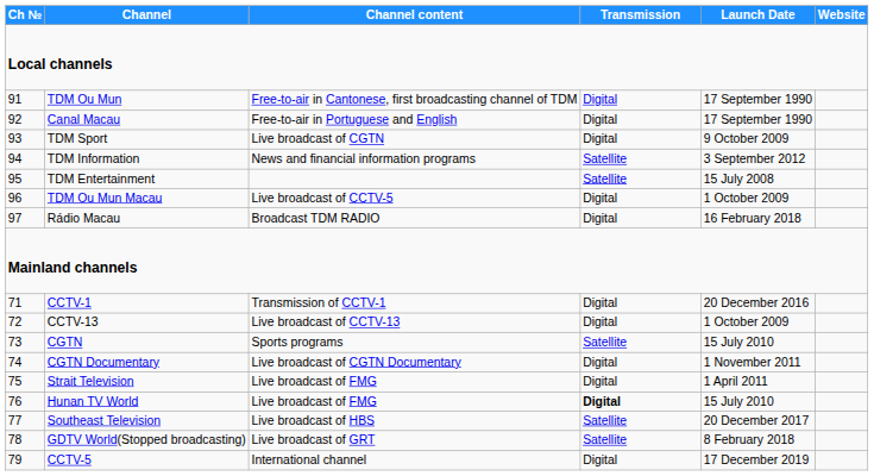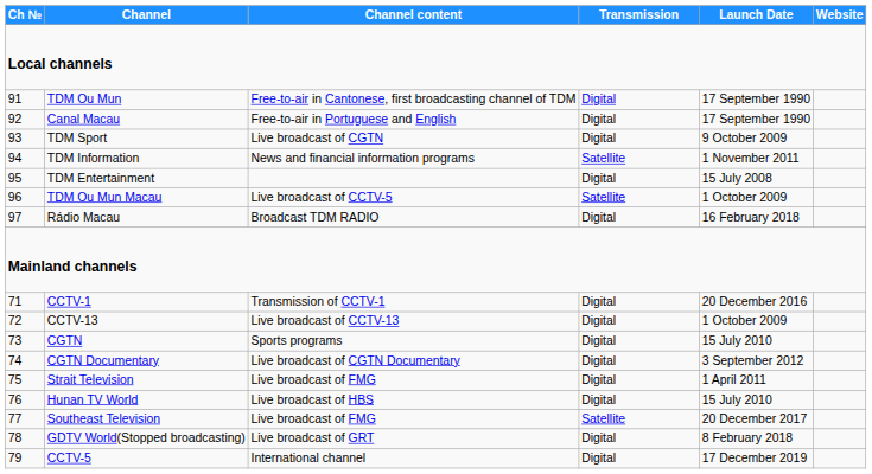 <table class="wikitable">
 <tr style="background:dodgerblue; color:white" align="center">
 <td><strong>Ch №</strong></td>
 <td><strong>Channel</strong></td>
 <td><strong>Channel content</strong></td>
 <td width="14%"><strong>Transmission</strong></td>
 <td><strong>Launch Date</strong></td>
 <td><strong>Website</strong></td>
 </tr>
 <tr>
 <td colspan="6"><br><h3>Local channels</h3></td>
 </tr>
 <tr>
 <td>91</td>
 <td><a href='#'>TDM Ou Mun</a></td>
 <td><a href='#'>Free-to-air</a> in <a href='#'>Cantonese</a>, first broadcasting channel of TDM</td>
 <td><a href='#'>Digital</a></td>
 <td>17 September 1990</td>
 <td></td>
 </tr>
 <tr>
 <td>92</td>
 <td><a href='#'>Canal Macau</a></td>
 <td>Free-to-air in <a href='#'>Portuguese</a> and <a href='#'>English</a></td>
 <td>Digital</td>
 <td>17 September 1990</td>
 <td></td>
 </tr>
 <tr>
 <td>93</td>
 <td>TDM Sport</td>
 <td>Live broadcast of <a href='#'>CGTN</a></td>
 <td>Digital</td>
 <td>9 October 2009</td>
 <td></td>
 </tr>
 <tr>
 <td>94</td>
 <td>TDM Information</td>
 <td>News and financial information programs</td>
 <td><a href='#'>Satellite</a></td>
-<td>3 September 2012</td>
+<td>1 November 2011</td>
 <td></td>
 </tr>
 <tr>
 <td>95</td>
 <td>TDM Entertainment</td>
 <td></td>
-<td><a href='#'>Satellite</a></td>
+<td>Digital</td>
 <td>15 July 2008</td>
 <td></td>
 </tr>
 <tr>
 <td>96</td>
 <td><a href='#'>TDM Ou Mun Macau</a></td>
 <td>Live broadcast of <a href='#'>CCTV-5</a></td>
-<td>Digital</td>
+<td><a href='#'>Satellite</a></td>
 <td>1 October 2009</td>
 <td></td>
 </tr>
 <tr>
 <td>97</td>
 <td>Rádio Macau</td>
 <td>Broadcast TDM RADIO</td>
 <td>Digital</td>
 <td>16 February 2018</td>
 <td></td>
 </tr>
 <tr>
 <td colspan="6"><br><h3>Mainland channels</h3></td>
 </tr>
 <tr>
 <td>71</td>
 <td><a href='#'>CCTV-1</a></td>
 <td>Transmission of <a href='#'>CCTV-1</a></td>
 <td>Digital</td>
 <td>20 December 2016</td>
 <td></td>
 </tr>
 <tr>
 <td>72</td>
 <td>CCTV-13</td>
 <td>Live broadcast of <a href='#'>CCTV-13</a></td>
 <td>Digital</td>
 <td>1 October 2009</td>
 <td></td>
 </tr>
 <tr>
 <td>73</td>
 <td><a href='#'>CGTN</a></td>
 <td>Sports programs</td>
-<td><a href='#'>Satellite</a></td>
+<td>Digital</td>
 <td>15 July 2010</td>
 <td></td>
 </tr>
 <tr>
 <td>74</td>
 <td><a href='#'>CGTN Documentary</a></td>
 <td>Live broadcast of <a href='#'>CGTN Documentary</a></td>
 <td>Digital</td>
-<td>1 November 2011</td>
+<td>3 September 2012</td>
 <td></td>
 </tr>
 <tr>
 <td>75</td>
 <td><a href='#'>Strait Television</a></td>
 <td>Live broadcast of <a href='#'>FMG</a></td>
 <td>Digital</td>
 <td>1 April 2011</td>
 <td></td>
 </tr>
 <tr>
 <td>76</td>
 <td><a href='#'>Hunan TV World</a></td>
-<td>Live broadcast of <a href='#'>FMG</a></td>
-<td><strong>Digital</strong></td>
+<td>Live broadcast of <a href='#'>HBS</a></td>
+<td>Digital</td>
 <td>15 July 2010</td>
 <td></td>
 </tr>
 <tr>
 <td>77</td>
 <td><a href='#'>Southeast Television</a></td>
-<td>Live broadcast of <a href='#'>HBS</a></td>
+<td>Live broadcast of <a href='#'>FMG</a></td>
 <td><a href='#'>Satellite</a></td>
 <td>20 December 2017</td>
 <td></td>
 </tr>
 <tr>
 <td>78</td>
 <td><a href='#'>GDTV World</a>(Stopped broadcasting)</td>
 <td>Live broadcast of <a href='#'>GRT</a></td>
-<td><a href='#'>Satellite</a></td>
+<td>Digital</td>
 <td>8 February 2018</td>
 <td></td>
 </tr>
 <tr>
 <td>79</td>
 <td><a href='#'>CCTV-5</a></td>
 <td>International channel</td>
 <td>Digital</td>
 <td>17 December 2019</td>
 <td></td>
 </tr>
 </table>
